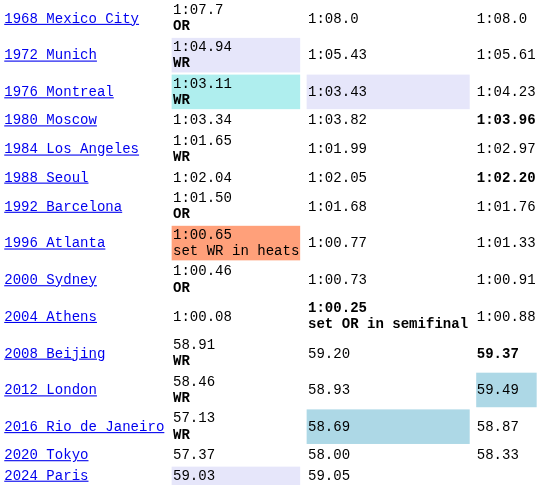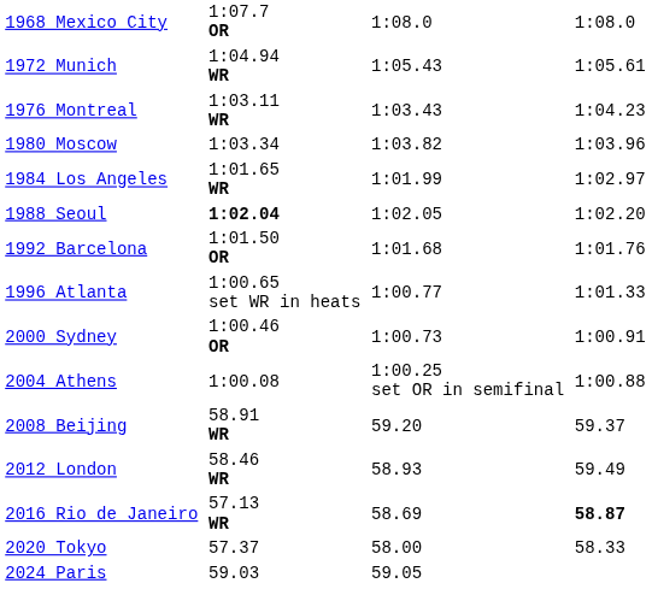 <table>
 <tr>
 <td><a href='#'>1968 Mexico City</a><br></td>
 <td></td>
 <td>1:07.7 <br> <strong>OR</strong></td>
 <td></td>
 <td>1:08.0</td>
 <td></td>
 <td>1:08.0</td>
 </tr>
 <tr>
 <td><a href='#'>1972 Munich</a><br></td>
 <td></td>
-<td style="background: lavender;">1:04.94 <br> <strong>WR</strong></td>
+<td>1:04.94 <br> <strong>WR</strong></td>
 <td></td>
 <td>1:05.43</td>
 <td></td>
 <td>1:05.61</td>
 </tr>
 <tr>
 <td><a href='#'>1976 Montreal</a><br></td>
 <td></td>
-<td style="background: paleturquoise;">1:03.11 <br> <strong>WR</strong></td>
+<td>1:03.11 <br> <strong>WR</strong></td>
 <td></td>
-<td style="background: lavender;">1:03.43</td>
+<td>1:03.43</td>
 <td></td>
 <td>1:04.23</td>
 </tr>
 <tr>
 <td><a href='#'>1980 Moscow</a><br></td>
 <td></td>
 <td>1:03.34</td>
 <td></td>
 <td>1:03.82</td>
 <td></td>
-<td><strong>1:03.96</strong></td>
+<td>1:03.96</td>
 </tr>
 <tr>
 <td><a href='#'>1984 Los Angeles</a><br></td>
 <td></td>
 <td>1:01.65 <br> <strong>WR</strong></td>
 <td></td>
 <td>1:01.99</td>
 <td></td>
 <td>1:02.97</td>
 </tr>
 <tr>
 <td><a href='#'>1988 Seoul</a><br></td>
 <td></td>
-<td>1:02.04</td>
+<td><strong>1:02.04</strong></td>
 <td></td>
 <td>1:02.05</td>
 <td></td>
-<td><strong>1:02.20</strong></td>
+<td>1:02.20</td>
 </tr>
 <tr>
 <td><a href='#'>1992 Barcelona</a><br></td>
 <td></td>
 <td>1:01.50 <br> <strong>OR</strong></td>
 <td></td>
 <td>1:01.68</td>
 <td></td>
 <td>1:01.76</td>
 </tr>
 <tr>
 <td><a href='#'>1996 Atlanta</a><br></td>
 <td></td>
-<td style="background: lightsalmon;">1:00.65 <br><span>set WR in heats</span></td>
+<td>1:00.65 <br><span>set WR in heats</span></td>
 <td></td>
 <td>1:00.77</td>
 <td></td>
 <td>1:01.33</td>
 </tr>
 <tr>
 <td><a href='#'>2000 Sydney</a><br></td>
 <td></td>
 <td>1:00.46 <br> <strong>OR</strong></td>
 <td></td>
 <td>1:00.73</td>
 <td></td>
 <td>1:00.91</td>
 </tr>
 <tr>
 <td><a href='#'>2004 Athens</a><br></td>
 <td></td>
 <td>1:00.08</td>
 <td></td>
-<td><strong>1:00.25 <br><span>set OR in semifinal</span></strong></td>
+<td>1:00.25 <br><span>set OR in semifinal</span></td>
 <td></td>
 <td>1:00.88</td>
 </tr>
 <tr>
 <td><a href='#'>2008 Beijing</a><br></td>
 <td></td>
 <td>58.91 <br> <strong>WR</strong></td>
 <td></td>
 <td>59.20</td>
 <td></td>
-<td><strong>59.37</strong></td>
+<td>59.37</td>
 </tr>
 <tr>
 <td><a href='#'>2012 London</a><br></td>
 <td></td>
 <td>58.46 <br> <strong>WR</strong></td>
 <td></td>
 <td>58.93</td>
 <td></td>
-<td style="background: lightblue;">59.49</td>
+<td>59.49</td>
 </tr>
 <tr>
 <td><a href='#'>2016 Rio de Janeiro</a><br></td>
 <td></td>
 <td>57.13 <br> <strong>WR</strong></td>
 <td></td>
-<td style="background: lightblue;">58.69</td>
+<td>58.69</td>
 <td></td>
-<td>58.87</td>
+<td><strong>58.87</strong></td>
 </tr>
 <tr>
 <td><a href='#'>2020 Tokyo</a><br></td>
 <td></td>
 <td>57.37</td>
 <td></td>
 <td>58.00</td>
 <td></td>
 <td>58.33</td>
 </tr>
 <tr>
 <td><a href='#'>2024 Paris</a><br></td>
 <td></td>
-<td style="background: lavender;">59.03</td>
+<td>59.03</td>
 <td><br></td>
 <td>59.05</td>
 <td></td>
 <td></td>
 </tr>
 <tr>
 </tr>
 </table>
